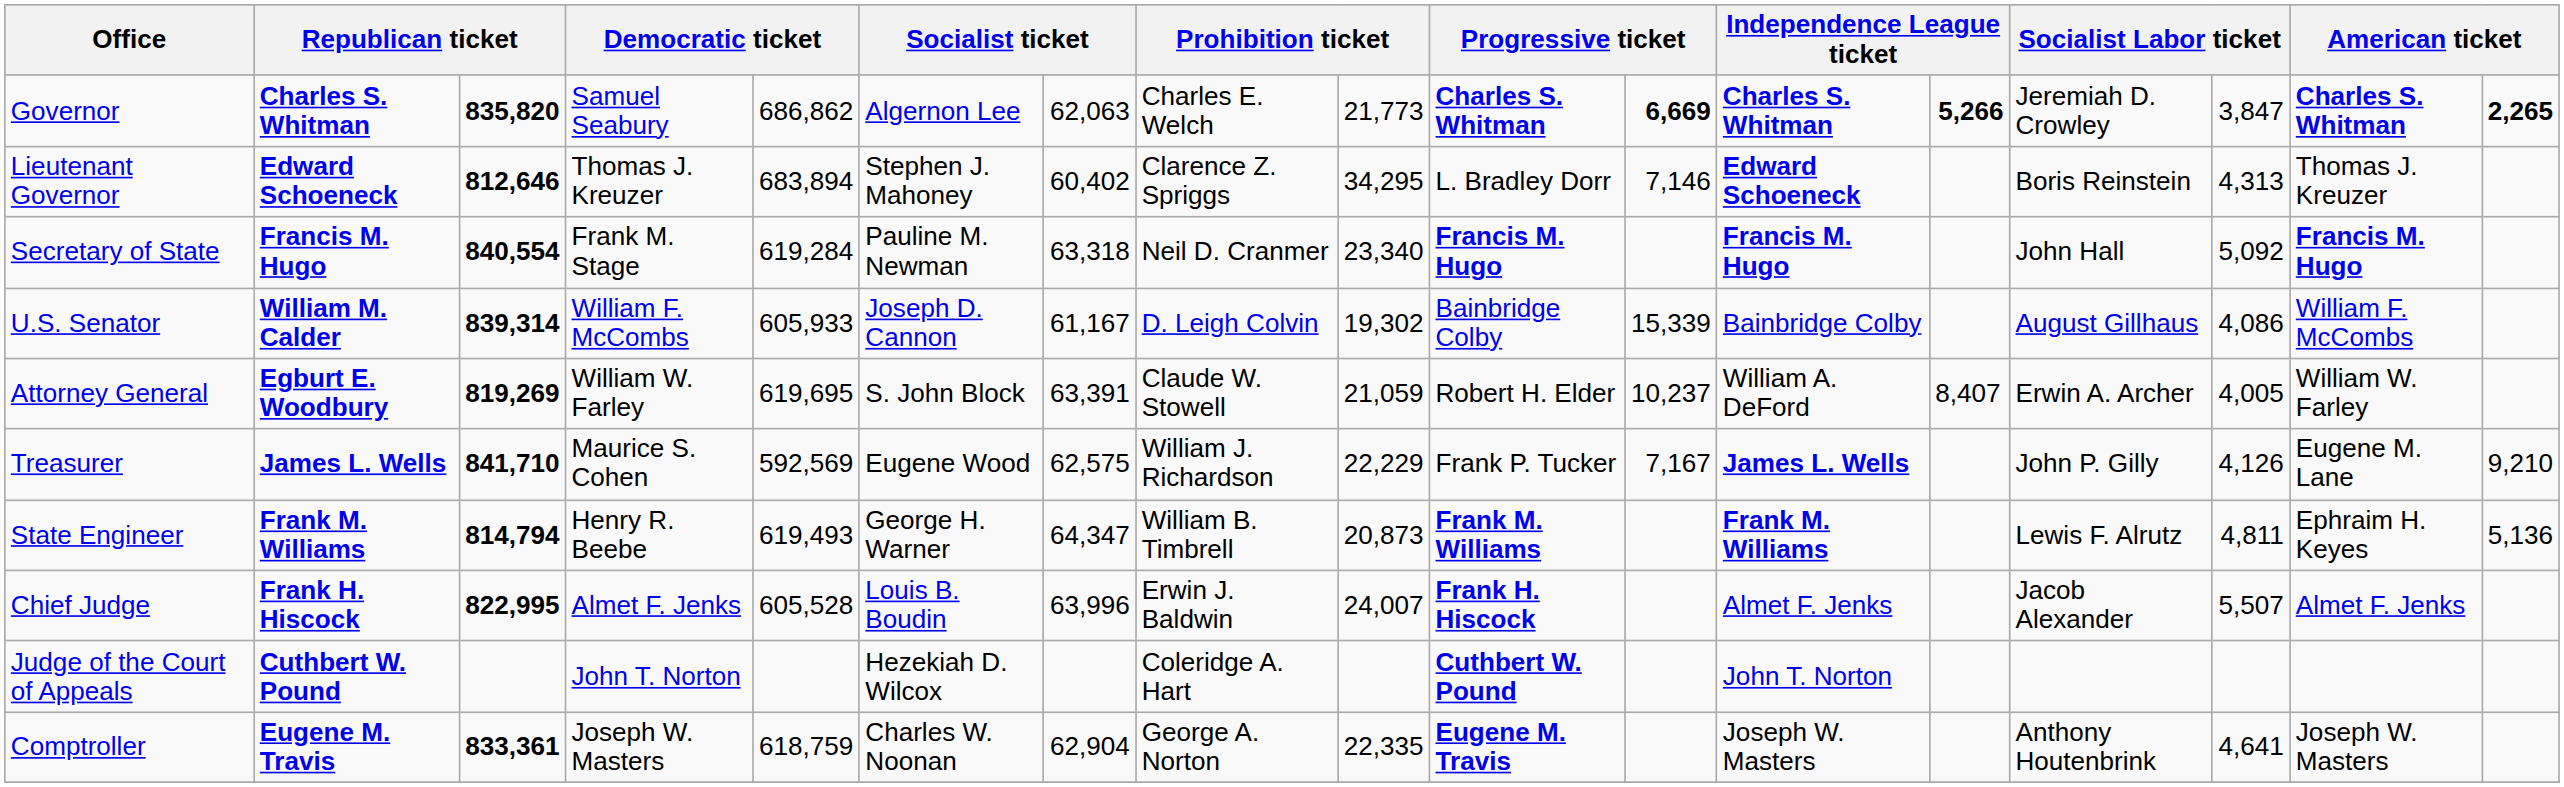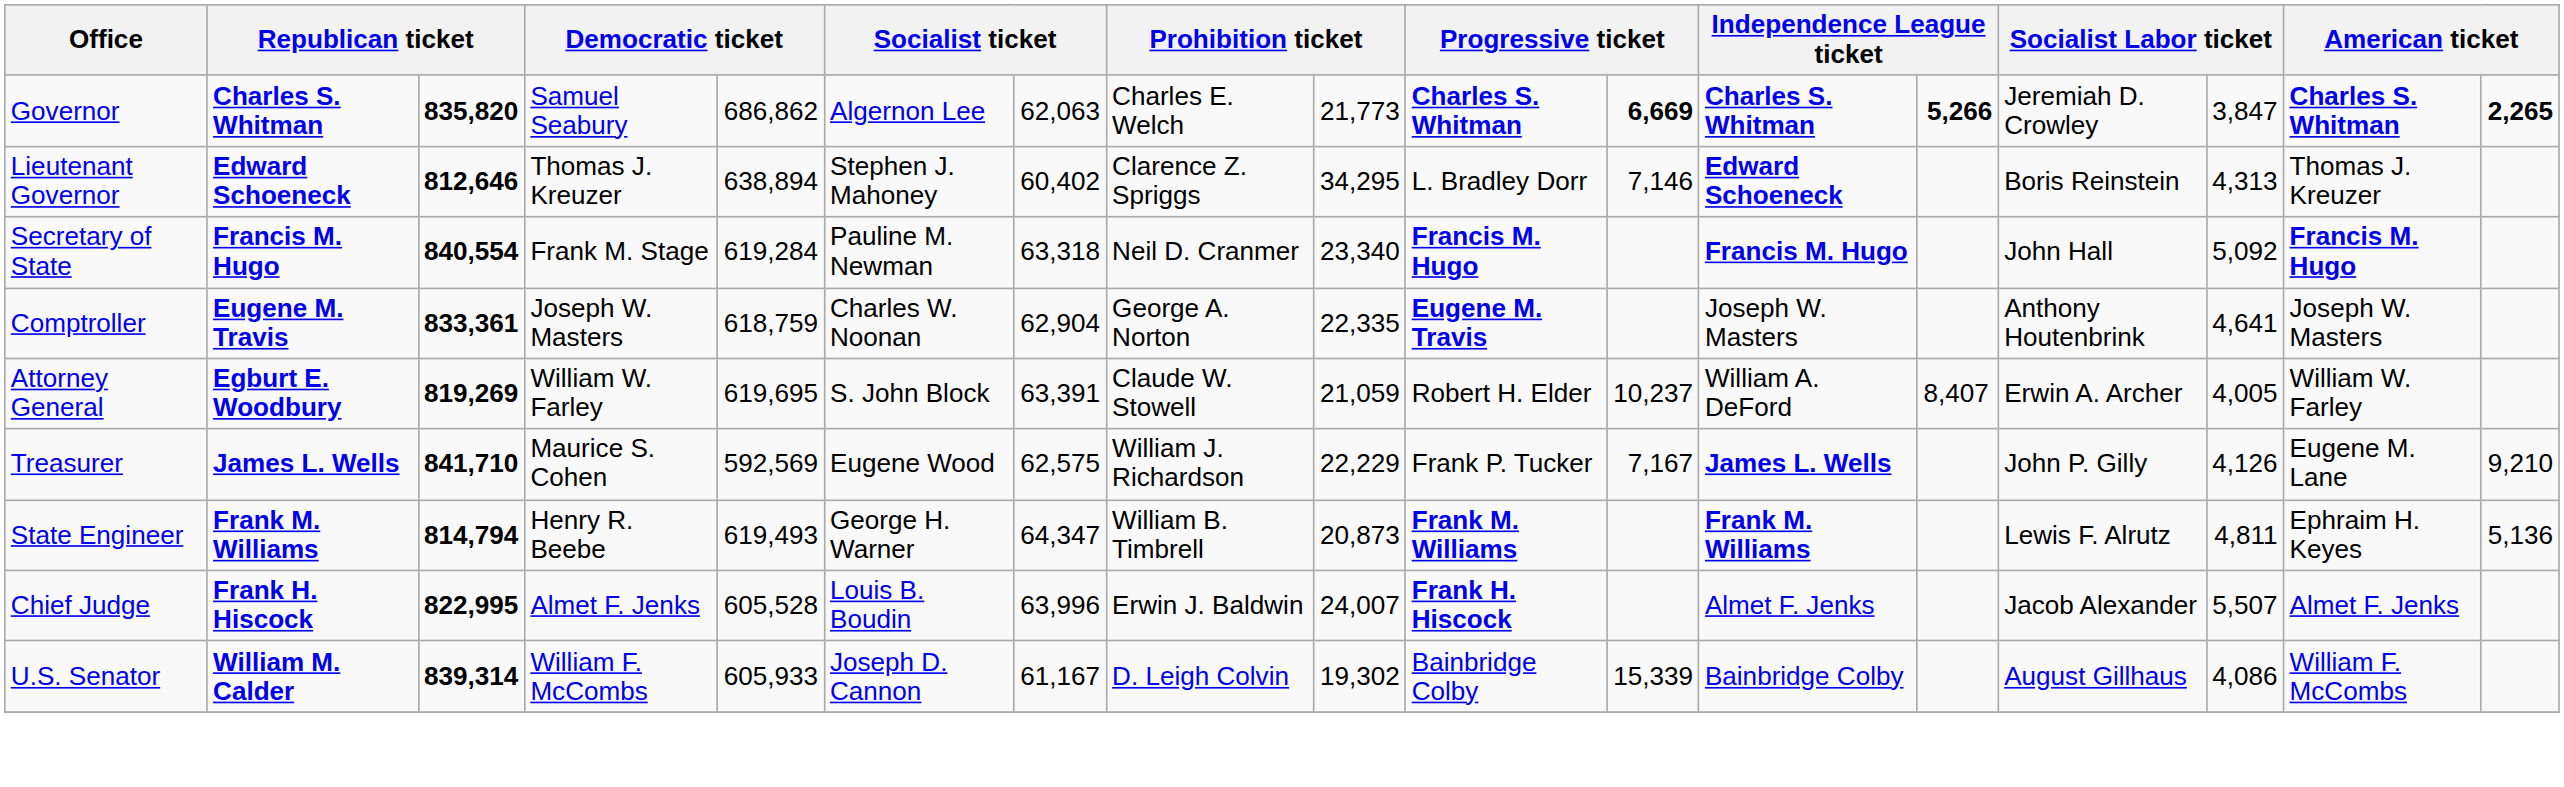 <table class=wikitable>
 <tr bgcolor=lightgrey>
 <th>Office</th>
 <th colspan="2" ><a href='#'>Republican</a> ticket</th>
 <th colspan="2" ><a href='#'>Democratic</a> ticket</th>
 <th colspan="2" ><a href='#'>Socialist</a> ticket</th>
 <th colspan="2" ><a href='#'>Prohibition</a> ticket</th>
 <th colspan="2" ><a href='#'>Progressive</a> ticket</th>
 <th colspan="2" ><a href='#'>Independence League</a> ticket</th>
 <th colspan="2" ><a href='#'>Socialist Labor</a> ticket</th>
 <th colspan="2" ><a href='#'>American</a> ticket</th>
 </tr>
 <tr>
 <td><a href='#'>Governor</a></td>
 <td><strong><a href='#'>Charles S. Whitman</a></strong></td>
 <td align="right"><strong>835,820</strong></td>
 <td><a href='#'>Samuel Seabury</a></td>
 <td align="right">686,862</td>
 <td><a href='#'>Algernon Lee</a></td>
 <td align="right">62,063</td>
 <td>Charles E. Welch</td>
 <td align="right">21,773</td>
 <td><strong><a href='#'>Charles S. Whitman</a></strong></td>
 <td align="right"><strong>6,669</strong></td>
 <td><strong><a href='#'>Charles S. Whitman</a></strong></td>
 <td align="right"><strong>5,266</strong></td>
 <td>Jeremiah D. Crowley</td>
 <td align="right">3,847</td>
 <td><strong><a href='#'>Charles S. Whitman</a></strong></td>
 <td align="right"><strong>2,265</strong></td>
 </tr>
 <tr>
 <td><a href='#'>Lieutenant Governor</a></td>
 <td><strong><a href='#'>Edward Schoeneck</a></strong></td>
 <td align="right"><strong>812,646</strong></td>
 <td>Thomas J. Kreuzer</td>
-<td align="right">683,894</td>
+<td align="right">638,894</td>
 <td>Stephen J. Mahoney</td>
 <td align="right">60,402</td>
 <td>Clarence Z. Spriggs</td>
 <td align="right">34,295</td>
 <td>L. Bradley Dorr</td>
 <td align="right">7,146</td>
 <td><strong><a href='#'>Edward Schoeneck</a></strong></td>
 <td></td>
 <td>Boris Reinstein</td>
 <td align="right">4,313</td>
 <td>Thomas J. Kreuzer</td>
 <td align="right"></td>
 </tr>
 <tr>
 <td><a href='#'>Secretary of State</a></td>
 <td><strong><a href='#'>Francis M. Hugo</a></strong></td>
 <td align="right"><strong>840,554</strong></td>
 <td>Frank M. Stage</td>
 <td align="right">619,284</td>
 <td>Pauline M. Newman</td>
 <td align="right">63,318</td>
 <td>Neil D. Cranmer</td>
 <td align="right">23,340</td>
 <td><strong><a href='#'>Francis M. Hugo</a></strong></td>
 <td align="right"></td>
 <td><strong><a href='#'>Francis M. Hugo</a></strong></td>
 <td align="right"></td>
 <td>John Hall</td>
 <td align="right">5,092</td>
 <td><strong><a href='#'>Francis M. Hugo</a></strong></td>
 <td align="right"></td>
 </tr>
 <tr>
-<td><a href='#'>U.S. Senator</a></td>
-<td><strong><a href='#'>William M. Calder</a></strong></td>
-<td align="right"><strong>839,314</strong></td>
-<td><a href='#'>William F. McCombs</a></td>
-<td align="right">605,933</td>
-<td><a href='#'>Joseph D. Cannon</a></td>
-<td align="right">61,167</td>
-<td><a href='#'>D. Leigh Colvin</a></td>
-<td align="right">19,302</td>
-<td><a href='#'>Bainbridge Colby</a></td>
-<td align="right">15,339</td>
-<td><a href='#'>Bainbridge Colby</a></td>
+<td><a href='#'>Comptroller</a></td>
+<td><strong><a href='#'>Eugene M. Travis</a></strong></td>
+<td align="right"><strong>833,361</strong></td>
+<td>Joseph W. Masters</td>
+<td align="right">618,759</td>
+<td>Charles W. Noonan</td>
+<td align="right">62,904</td>
+<td>George A. Norton</td>
+<td align="right">22,335</td>
+<td><strong><a href='#'>Eugene M. Travis</a></strong></td>
+<td align="right"></td>
+<td>Joseph W. Masters</td>
 <td></td>
-<td><a href='#'>August Gillhaus</a></td>
-<td align="right">4,086</td>
-<td><a href='#'>William F. McCombs</a></td>
+<td>Anthony Houtenbrink</td>
+<td align="right">4,641</td>
+<td>Joseph W. Masters</td>
 <td align="right"></td>
 </tr>
 <tr>
 <td><a href='#'>Attorney General</a></td>
 <td><strong><a href='#'>Egburt E. Woodbury</a></strong></td>
 <td align="right"><strong>819,269</strong></td>
 <td>William W. Farley</td>
 <td align="right">619,695</td>
 <td>S. John Block</td>
 <td align="right">63,391</td>
 <td>Claude W. Stowell</td>
 <td align="right">21,059</td>
 <td>Robert H. Elder</td>
 <td align="right">10,237</td>
 <td>William A. DeFord</td>
 <td align="right#">8,407</td>
 <td>Erwin A. Archer</td>
 <td align="right">4,005</td>
 <td>William W. Farley</td>
 <td align="right"></td>
 </tr>
 <tr>
 <td><a href='#'>Treasurer</a></td>
 <td><strong><a href='#'>James L. Wells</a></strong></td>
 <td align="right"><strong>841,710</strong></td>
 <td>Maurice S. Cohen</td>
 <td align="right">592,569</td>
 <td>Eugene Wood</td>
 <td align="right">62,575</td>
 <td>William J. Richardson</td>
 <td align="right">22,229</td>
 <td>Frank P. Tucker</td>
 <td align="right">7,167</td>
 <td><strong><a href='#'>James L. Wells</a></strong></td>
 <td></td>
 <td>John P. Gilly</td>
 <td align="right">4,126</td>
 <td>Eugene M. Lane</td>
 <td align="right">9,210</td>
 </tr>
 <tr>
 <td><a href='#'>State Engineer</a></td>
 <td><strong><a href='#'>Frank M. Williams</a></strong></td>
 <td align="right"><strong>814,794</strong></td>
 <td>Henry R. Beebe</td>
 <td align="right">619,493</td>
 <td>George H. Warner</td>
 <td align="right">64,347</td>
 <td>William B. Timbrell</td>
 <td align="right">20,873</td>
 <td><strong><a href='#'>Frank M. Williams</a></strong></td>
 <td align="right"></td>
 <td><strong><a href='#'>Frank M. Williams</a></strong></td>
 <td></td>
 <td>Lewis F. Alrutz</td>
 <td align="right">4,811</td>
 <td>Ephraim H. Keyes</td>
 <td align="right">5,136</td>
 </tr>
 <tr>
 <td><a href='#'>Chief Judge</a></td>
 <td><strong><a href='#'>Frank H. Hiscock</a></strong></td>
 <td align="right"><strong>822,995</strong></td>
 <td><a href='#'>Almet F. Jenks</a></td>
 <td align="right">605,528</td>
 <td><a href='#'>Louis B. Boudin</a></td>
 <td align="right">63,996</td>
 <td>Erwin J. Baldwin</td>
 <td align="right">24,007</td>
 <td><strong><a href='#'>Frank H. Hiscock</a></strong></td>
 <td align="right"></td>
 <td><a href='#'>Almet F. Jenks</a></td>
 <td></td>
 <td>Jacob Alexander</td>
 <td align="right">5,507</td>
 <td><a href='#'>Almet F. Jenks</a></td>
 <td align="right"></td>
 </tr>
 <tr>
-<td><a href='#'>Judge of the Court of Appeals</a></td>
-<td><strong><a href='#'>Cuthbert W. Pound</a></strong></td>
-<td align="right"></td>
-<td><a href='#'>John T. Norton</a></td>
-<td align="right"></td>
-<td>Hezekiah D. Wilcox</td>
-<td align="right"></td>
-<td>Coleridge A. Hart</td>
+<td><a href='#'>U.S. Senator</a></td>
+<td><strong><a href='#'>William M. Calder</a></strong></td>
+<td align="right"><strong>839,314</strong></td>
+<td><a href='#'>William F. McCombs</a></td>
+<td align="right">605,933</td>
+<td><a href='#'>Joseph D. Cannon</a></td>
+<td align="right">61,167</td>
+<td><a href='#'>D. Leigh Colvin</a></td>
+<td align="right">19,302</td>
+<td><a href='#'>Bainbridge Colby</a></td>
+<td align="right">15,339</td>
+<td><a href='#'>Bainbridge Colby</a></td>
 <td></td>
-<td><strong><a href='#'>Cuthbert W. Pound</a></strong></td>
-<td align="right"></td>
-<td><a href='#'>John T. Norton</a></td>
-<td></td>
-<td></td>
-<td align="right"></td>
-<td></td>
-<td align="right"></td>
-</tr>
-<tr>
-<td><a href='#'>Comptroller</a></td>
-<td><strong><a href='#'>Eugene M. Travis</a></strong></td>
-<td align="right"><strong>833,361</strong></td>
-<td>Joseph W. Masters</td>
-<td align="right">618,759</td>
-<td>Charles W. Noonan</td>
-<td align="right">62,904</td>
-<td>George A. Norton</td>
-<td align="right">22,335</td>
-<td><strong><a href='#'>Eugene M. Travis</a></strong></td>
-<td align="right"></td>
-<td>Joseph W. Masters</td>
-<td></td>
-<td>Anthony Houtenbrink</td>
-<td align="right">4,641</td>
-<td>Joseph W. Masters</td>
+<td><a href='#'>August Gillhaus</a></td>
+<td align="right">4,086</td>
+<td><a href='#'>William F. McCombs</a></td>
 <td align="right"></td>
 </tr>
 <tr>
 </tr>
 </table>
